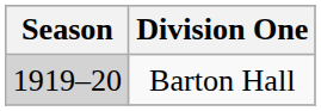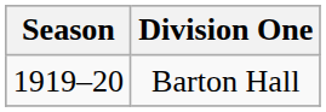 <table class="wikitable" style="text-align: center">
 <tr>
 <th>Season</th>
 <th>Division One</th>
 </tr>
 <tr>
-<td style="background: lightgrey;">1919–20</td>
+<td>1919–20</td>
 <td>Barton Hall</td>
 </tr>
 </table>
